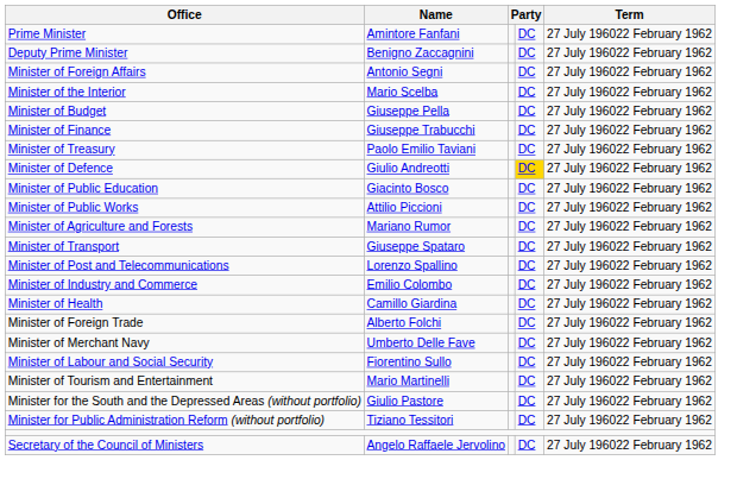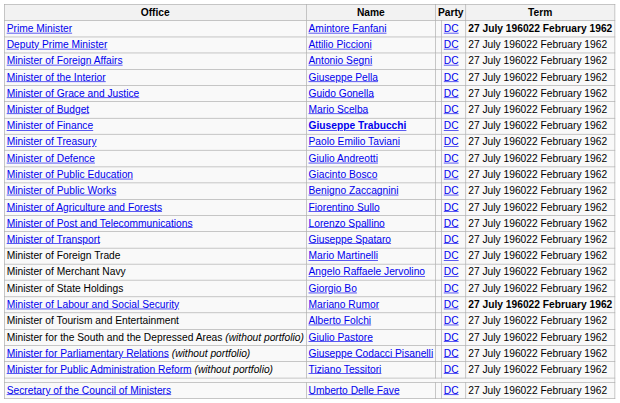 <table class="wikitable">
 <tr>
 <th>Office</th>
 <th>Name</th>
 <th colspan=2>Party</th>
 <th>Term</th>
 </tr>
 <tr>
 <td><a href='#'>Prime Minister</a></td>
 <td><a href='#'>Amintore Fanfani</a></td>
 <td></td>
 <td><a href='#'>DC</a></td>
-<td>27 July 196022 February 1962</td>
+<td><strong>27 July 196022 February 1962</strong></td>
 </tr>
 <tr>
 <td><a href='#'>Deputy Prime Minister</a></td>
-<td><a href='#'>Benigno Zaccagnini</a></td>
+<td><a href='#'>Attilio Piccioni</a></td>
 <td style="color:inherit;background:"></td>
 <td><a href='#'>DC</a></td>
 <td>27 July 196022 February 1962</td>
 </tr>
 <tr>
 <td><a href='#'>Minister of Foreign Affairs</a></td>
 <td><a href='#'>Antonio Segni</a></td>
 <td style="color:inherit;background:"></td>
 <td><a href='#'>DC</a></td>
 <td>27 July 196022 February 1962</td>
 </tr>
 <tr>
 <td><a href='#'>Minister of the Interior</a></td>
-<td><a href='#'>Mario Scelba</a></td>
+<td><a href='#'>Giuseppe Pella</a></td>
+<td style="color:inherit;background:"></td>
+<td><a href='#'>DC</a></td>
+<td>27 July 196022 February 1962</td>
+</tr>
+<tr>
+<td><a href='#'>Minister of Grace and Justice</a></td>
+<td><a href='#'>Guido Gonella</a></td>
 <td style="color:inherit;background:"></td>
 <td><a href='#'>DC</a></td>
 <td>27 July 196022 February 1962</td>
 </tr>
 <tr>
 <td><a href='#'>Minister of Budget</a></td>
-<td><a href='#'>Giuseppe Pella</a></td>
+<td><a href='#'>Mario Scelba</a></td>
 <td></td>
 <td><a href='#'>DC</a></td>
 <td>27 July 196022 February 1962</td>
 </tr>
 <tr>
 <td><a href='#'>Minister of Finance</a></td>
-<td><a href='#'>Giuseppe Trabucchi</a></td>
+<td><strong><a href='#'>Giuseppe Trabucchi</a></strong></td>
 <td style="color:inherit;background:"></td>
 <td><a href='#'>DC</a></td>
 <td>27 July 196022 February 1962</td>
 </tr>
 <tr>
 <td><a href='#'>Minister of Treasury</a></td>
 <td><a href='#'>Paolo Emilio Taviani</a></td>
 <td></td>
 <td><a href='#'>DC</a></td>
 <td>27 July 196022 February 1962</td>
 </tr>
 <tr>
 <td><a href='#'>Minister of Defence</a></td>
 <td><a href='#'>Giulio Andreotti</a></td>
 <td style="color:inherit;background:"></td>
-<td style="background: gold;"><a href='#'>DC</a></td>
+<td><a href='#'>DC</a></td>
 <td>27 July 196022 February 1962</td>
 </tr>
 <tr>
 <td><a href='#'>Minister of Public Education</a></td>
 <td><a href='#'>Giacinto Bosco</a></td>
 <td style="color:inherit;background:"></td>
 <td><a href='#'>DC</a></td>
 <td>27 July 196022 February 1962</td>
 </tr>
 <tr>
 <td><a href='#'>Minister of Public Works</a></td>
-<td><a href='#'>Attilio Piccioni</a></td>
+<td><a href='#'>Benigno Zaccagnini</a></td>
 <td style="color:inherit;background:"></td>
 <td><a href='#'>DC</a></td>
 <td>27 July 196022 February 1962</td>
 </tr>
 <tr>
 <td><a href='#'>Minister of Agriculture and Forests</a></td>
-<td><a href='#'>Mariano Rumor</a></td>
+<td><a href='#'>Fiorentino Sullo</a></td>
+<td style="color:inherit;background:"></td>
+<td><a href='#'>DC</a></td>
+<td>27 July 196022 February 1962</td>
+</tr>
+<tr>
+<td><a href='#'>Minister of Post and Telecommunications</a></td>
+<td><a href='#'>Lorenzo Spallino</a></td>
 <td style="color:inherit;background:"></td>
 <td><a href='#'>DC</a></td>
 <td>27 July 196022 February 1962</td>
 </tr>
 <tr>
 <td><a href='#'>Minister of Transport</a></td>
 <td><a href='#'>Giuseppe Spataro</a></td>
 <td style="color:inherit;background:"></td>
 <td><a href='#'>DC</a></td>
 <td>27 July 196022 February 1962</td>
 </tr>
 <tr>
-<td><a href='#'>Minister of Post and Telecommunications</a></td>
-<td><a href='#'>Lorenzo Spallino</a></td>
-<td style="color:inherit;background:"></td>
-<td><a href='#'>DC</a></td>
-<td>27 July 196022 February 1962</td>
-</tr>
-<tr>
-<td><a href='#'>Minister of Industry and Commerce</a></td>
-<td><a href='#'>Emilio Colombo</a></td>
-<td style="color:inherit;background:"></td>
-<td><a href='#'>DC</a></td>
-<td>27 July 196022 February 1962</td>
-</tr>
-<tr>
-<td><a href='#'>Minister of Health</a></td>
-<td><a href='#'>Camillo Giardina</a></td>
-<td style="color:inherit;background:"></td>
-<td><a href='#'>DC</a></td>
-<td>27 July 196022 February 1962</td>
-</tr>
-<tr>
 <td>Minister of Foreign Trade</td>
-<td><a href='#'>Alberto Folchi</a></td>
+<td><a href='#'>Mario Martinelli</a></td>
 <td></td>
 <td><a href='#'>DC</a></td>
 <td>27 July 196022 February 1962</td>
 </tr>
 <tr>
 <td>Minister of Merchant Navy</td>
-<td><a href='#'>Umberto Delle Fave</a></td>
+<td><a href='#'>Angelo Raffaele Jervolino</a></td>
 <td></td>
 <td><a href='#'>DC</a></td>
 <td>27 July 196022 February 1962</td>
 </tr>
 <tr>
-<td><a href='#'>Minister of Labour and Social Security</a></td>
-<td><a href='#'>Fiorentino Sullo</a></td>
-<td></td>
+<td>Minister of State Holdings</td>
+<td><a href='#'>Giorgio Bo</a></td>
+<td style="color:inherit;background:"></td>
 <td><a href='#'>DC</a></td>
 <td>27 July 196022 February 1962</td>
 </tr>
 <tr>
+<td><a href='#'>Minister of Labour and Social Security</a></td>
+<td><a href='#'>Mariano Rumor</a></td>
+<td></td>
+<td><a href='#'>DC</a></td>
+<td><strong>27 July 196022 February 1962</strong></td>
+</tr>
+<tr>
 <td>Minister of Tourism and Entertainment</td>
-<td><a href='#'>Mario Martinelli</a></td>
+<td><a href='#'>Alberto Folchi</a></td>
 <td style="color:inherit;background:"></td>
 <td><a href='#'>DC</a></td>
 <td>27 July 196022 February 1962</td>
 </tr>
 <tr>
 <td>Minister for the South and the Depressed Areas <em>(without portfolio)</em></td>
 <td><a href='#'>Giulio Pastore</a></td>
+<td style="color:inherit;background:"></td>
+<td><a href='#'>DC</a></td>
+<td>27 July 196022 February 1962</td>
+</tr>
+<tr>
+<td><a href='#'>Minister for Parliamentary Relations</a> <em>(without portfolio)</em></td>
+<td><a href='#'>Giuseppe Codacci Pisanelli</a></td>
 <td style="color:inherit;background:"></td>
 <td><a href='#'>DC</a></td>
 <td>27 July 196022 February 1962</td>
 </tr>
 <tr>
 <td><a href='#'>Minister for Public Administration Reform</a> <em>(without portfolio)</em></td>
 <td><a href='#'>Tiziano Tessitori</a></td>
 <td style="color:inherit;background:"></td>
 <td><a href='#'>DC</a></td>
 <td>27 July 196022 February 1962</td>
 </tr>
 <tr>
 <td colspan="5"></td>
 </tr>
 <tr>
 <td><a href='#'>Secretary of the Council of Ministers</a></td>
-<td><a href='#'>Angelo Raffaele Jervolino</a></td>
+<td><a href='#'>Umberto Delle Fave</a></td>
 <td style="color:inherit;background:"></td>
 <td><a href='#'>DC</a></td>
 <td>27 July 196022 February 1962</td>
 </tr>
 </table>
